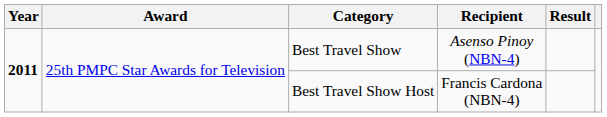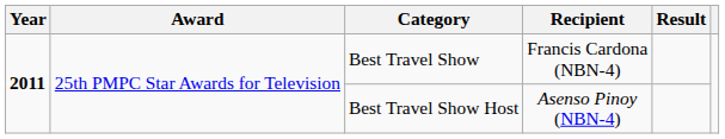 <table class="wikitable">
 <tr>
 <th>Year</th>
 <th>Award</th>
 <th>Category</th>
 <th>Recipient</th>
 <th>Result</th>
 <th></th>
 </tr>
 <tr>
 <td rowspan=2><strong>2011</strong></td>
 <td rowspan=2><a href='#'>25th PMPC Star Awards for Television</a></td>
 <td>Best Travel Show</td>
-<td align=center><em>Asenso Pinoy</em><br>(<a href='#'>NBN-4</a>)</td>
+<td align=center>Francis Cardona<br>(NBN-4)</td>
 <td></td>
 <td rowspan=2></td>
 </tr>
 <tr>
 <td>Best Travel Show Host</td>
-<td align=center>Francis Cardona<br>(NBN-4)</td>
+<td align=center><em>Asenso Pinoy</em><br>(<a href='#'>NBN-4</a>)</td>
 <td></td>
 </tr>
 </table>
